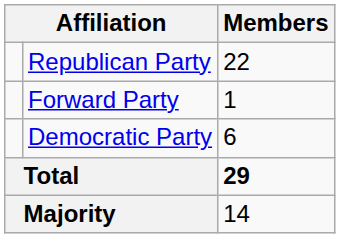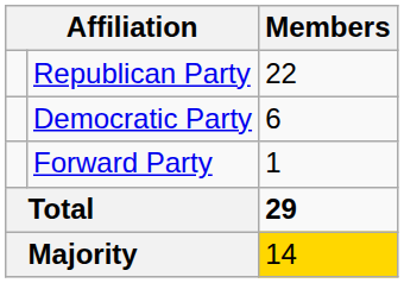 <table class="wikitable">
 <tr>
 <th colspan="2">Affiliation</th>
 <th>Members</th>
 </tr>
 <tr>
 <td style="background-color:"> </td>
 <td><a href='#'>Republican Party</a></td>
 <td>22</td>
 </tr>
 <tr>
 <td style="background-color:"> </td>
-<td><a href='#'>Forward Party</a></td>
-<td>1</td>
+<td><a href='#'>Democratic Party</a></td>
+<td>6</td>
 </tr>
 <tr>
 <td style="background-color:"> </td>
-<td><a href='#'>Democratic Party</a></td>
-<td>6</td>
+<td><a href='#'>Forward Party</a></td>
+<td>1</td>
 </tr>
 <tr>
 <th colspan="2" style="text-align:left">  Total</th>
 <td><strong>29</strong></td>
 </tr>
 <tr>
 <th colspan="2" style="text-align:left">  Majority</th>
-<td>14</td>
+<td style="background: gold;">14</td>
 </tr>
 </table>
